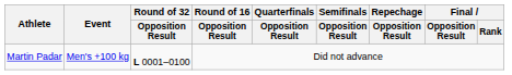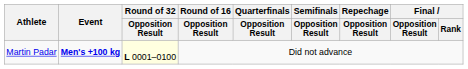 <table class="wikitable" style="font-size:90%">
 <tr>
 <th rowspan="2">Athlete</th>
 <th rowspan="2">Event</th>
 <th>Round of 32</th>
 <th>Round of 16</th>
 <th>Quarterfinals</th>
 <th>Semifinals</th>
 <th>Repechage</th>
 <th colspan=2>Final / </th>
 </tr>
 <tr style="font-size:95%">
 <th>Opposition<br>Result</th>
 <th>Opposition<br>Result</th>
 <th>Opposition<br>Result</th>
 <th>Opposition<br>Result</th>
 <th>Opposition<br>Result</th>
 <th>Opposition<br>Result</th>
 <th>Rank</th>
 </tr>
 <tr align=center>
 <td align=left><a href='#'>Martin Padar</a></td>
-<td align=left><a href='#'>Men's +100 kg</a></td>
-<td> <br><strong>L</strong> 0001–0100</td>
+<td align=left><strong><a href='#'>Men's +100 kg</a></strong></td>
+<td style="background: lightyellow;"> <br><strong>L</strong> 0001–0100</td>
 <td colspan=6>Did not advance</td>
 </tr>
 </table>
